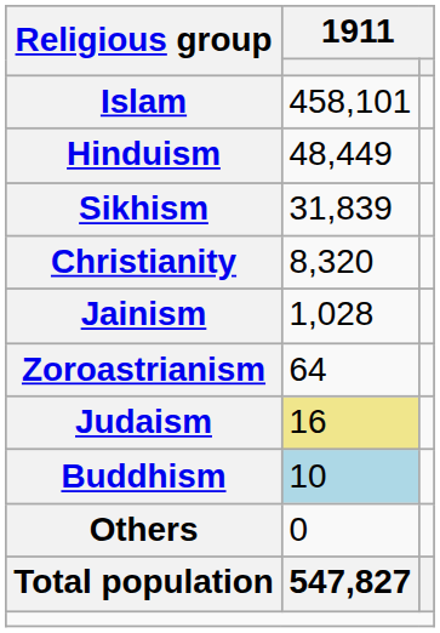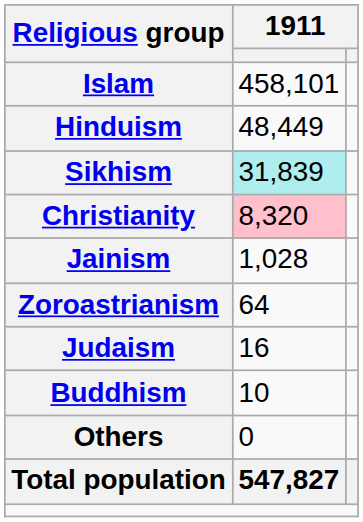 <table class="wikitable sortable">
 <tr>
 <th rowspan="2"><a href='#'>Religious</a> group</th>
 <th colspan="2">1911</th>
 </tr>
 <tr>
 <th><a href='#'></a></th>
 <th></th>
 </tr>
 <tr>
 <th><a href='#'>Islam</a> </th>
 <td>458,101</td>
 <td></td>
 </tr>
 <tr>
 <th><a href='#'>Hinduism</a> </th>
 <td>48,449</td>
 <td></td>
 </tr>
 <tr>
 <th><a href='#'>Sikhism</a> </th>
-<td>31,839</td>
+<td style="background: paleturquoise;">31,839</td>
 <td></td>
 </tr>
 <tr>
 <th><a href='#'>Christianity</a> </th>
-<td>8,320</td>
+<td style="background: pink;">8,320</td>
 <td></td>
 </tr>
 <tr>
 <th><a href='#'>Jainism</a> </th>
 <td>1,028</td>
 <td></td>
 </tr>
 <tr>
 <th><a href='#'>Zoroastrianism</a> </th>
 <td>64</td>
 <td></td>
 </tr>
 <tr>
 <th><a href='#'>Judaism</a> </th>
-<td style="background: khaki;">16</td>
+<td>16</td>
 <td></td>
 </tr>
 <tr>
 <th><a href='#'>Buddhism</a> </th>
-<td style="background: lightblue;">10</td>
+<td>10</td>
 <td></td>
 </tr>
 <tr>
 <th>Others</th>
 <td>0</td>
 <td></td>
 </tr>
 <tr>
 <th>Total population</th>
 <th>547,827</th>
 <th></th>
 </tr>
 <tr class="sortbottom">
 <td colspan="3"></td>
 </tr>
 </table>
